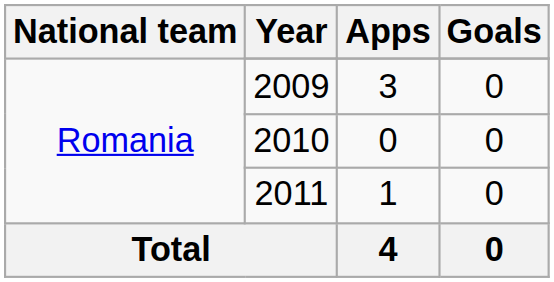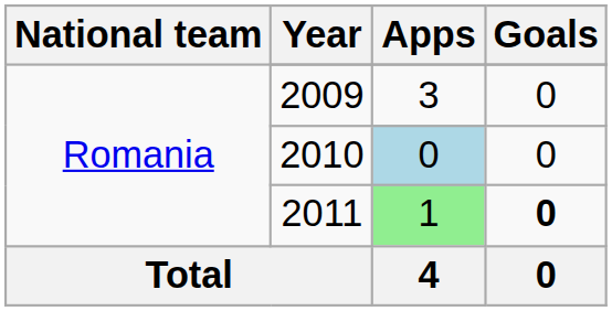 <table class=wikitable style="text-align: center;">
 <tr>
 <th>National team</th>
 <th>Year</th>
 <th>Apps</th>
 <th>Goals</th>
 </tr>
 <tr>
 <td rowspan="4"><a href='#'>Romania</a></td>
 </tr>
 <tr>
 <td>2009</td>
 <td>3</td>
 <td>0</td>
 </tr>
 <tr>
 <td>2010</td>
-<td>0</td>
+<td style="background: lightblue;">0</td>
 <td>0</td>
 </tr>
 <tr>
 <td>2011</td>
-<td>1</td>
-<td>0</td>
+<td style="background: lightgreen;">1</td>
+<td><strong>0</strong></td>
 </tr>
 <tr>
 <th colspan=2>Total</th>
 <th>4</th>
 <th>0</th>
 </tr>
 </table>
